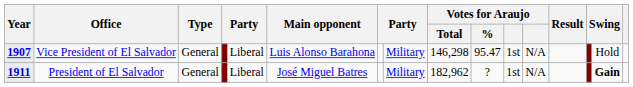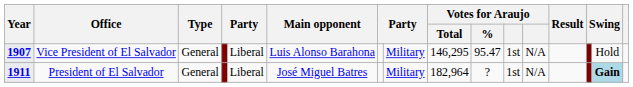 <table class="wikitable" style="font-size:90%; text-align:center;">
 <tr>
 <th rowspan="2">Year</th>
 <th rowspan="2">Office</th>
 <th rowspan="2">Type</th>
 <th colspan="2" rowspan="2">Party</th>
 <th rowspan="2">Main opponent</th>
 <th colspan="2" rowspan="2">Party</th>
 <th colspan="4">Votes for Araujo</th>
 <th rowspan="2">Result</th>
 <th colspan="2" rowspan="2">Swing</th>
 <th rowspan="2"></th>
 </tr>
 <tr>
 <th>Total</th>
 <th>%</th>
 <th></th>
 <th></th>
 </tr>
 <tr>
 <th style="background-color:#EAECF0;"><a href='#'>1907</a></th>
 <td><a href='#'>Vice President of El Salvador</a></td>
 <td>General</td>
 <td style="background-color:Maroon;"></td>
 <td>Liberal</td>
 <td><a href='#'>Luis Alonso Barahona</a></td>
 <td style="background-color:"></td>
 <td><a href='#'>Military</a></td>
-<td>146,298</td>
+<td>146,295</td>
 <td>95.47</td>
 <td>1st</td>
 <td>N/A</td>
 <td></td>
 <td style="background-color:Maroon;"></td>
 <td>Hold</td>
 <td></td>
 </tr>
 <tr>
 <th style="background-color:#EAECF0;"><a href='#'>1911</a></th>
 <td><a href='#'>President of El Salvador</a></td>
 <td>General</td>
 <td style="background-color:Maroon;"></td>
 <td>Liberal</td>
 <td><a href='#'>José Miguel Batres</a></td>
 <td style="background-color:"></td>
 <td><a href='#'>Military</a></td>
-<td>182,962</td>
+<td>182,964</td>
 <td>?</td>
 <td>1st</td>
 <td>N/A</td>
 <td></td>
 <td style="background-color:Maroon;"></td>
-<td><strong>Gain</strong></td>
+<td style="background: lightblue;"><strong>Gain</strong></td>
 <td></td>
 </tr>
 </table>
